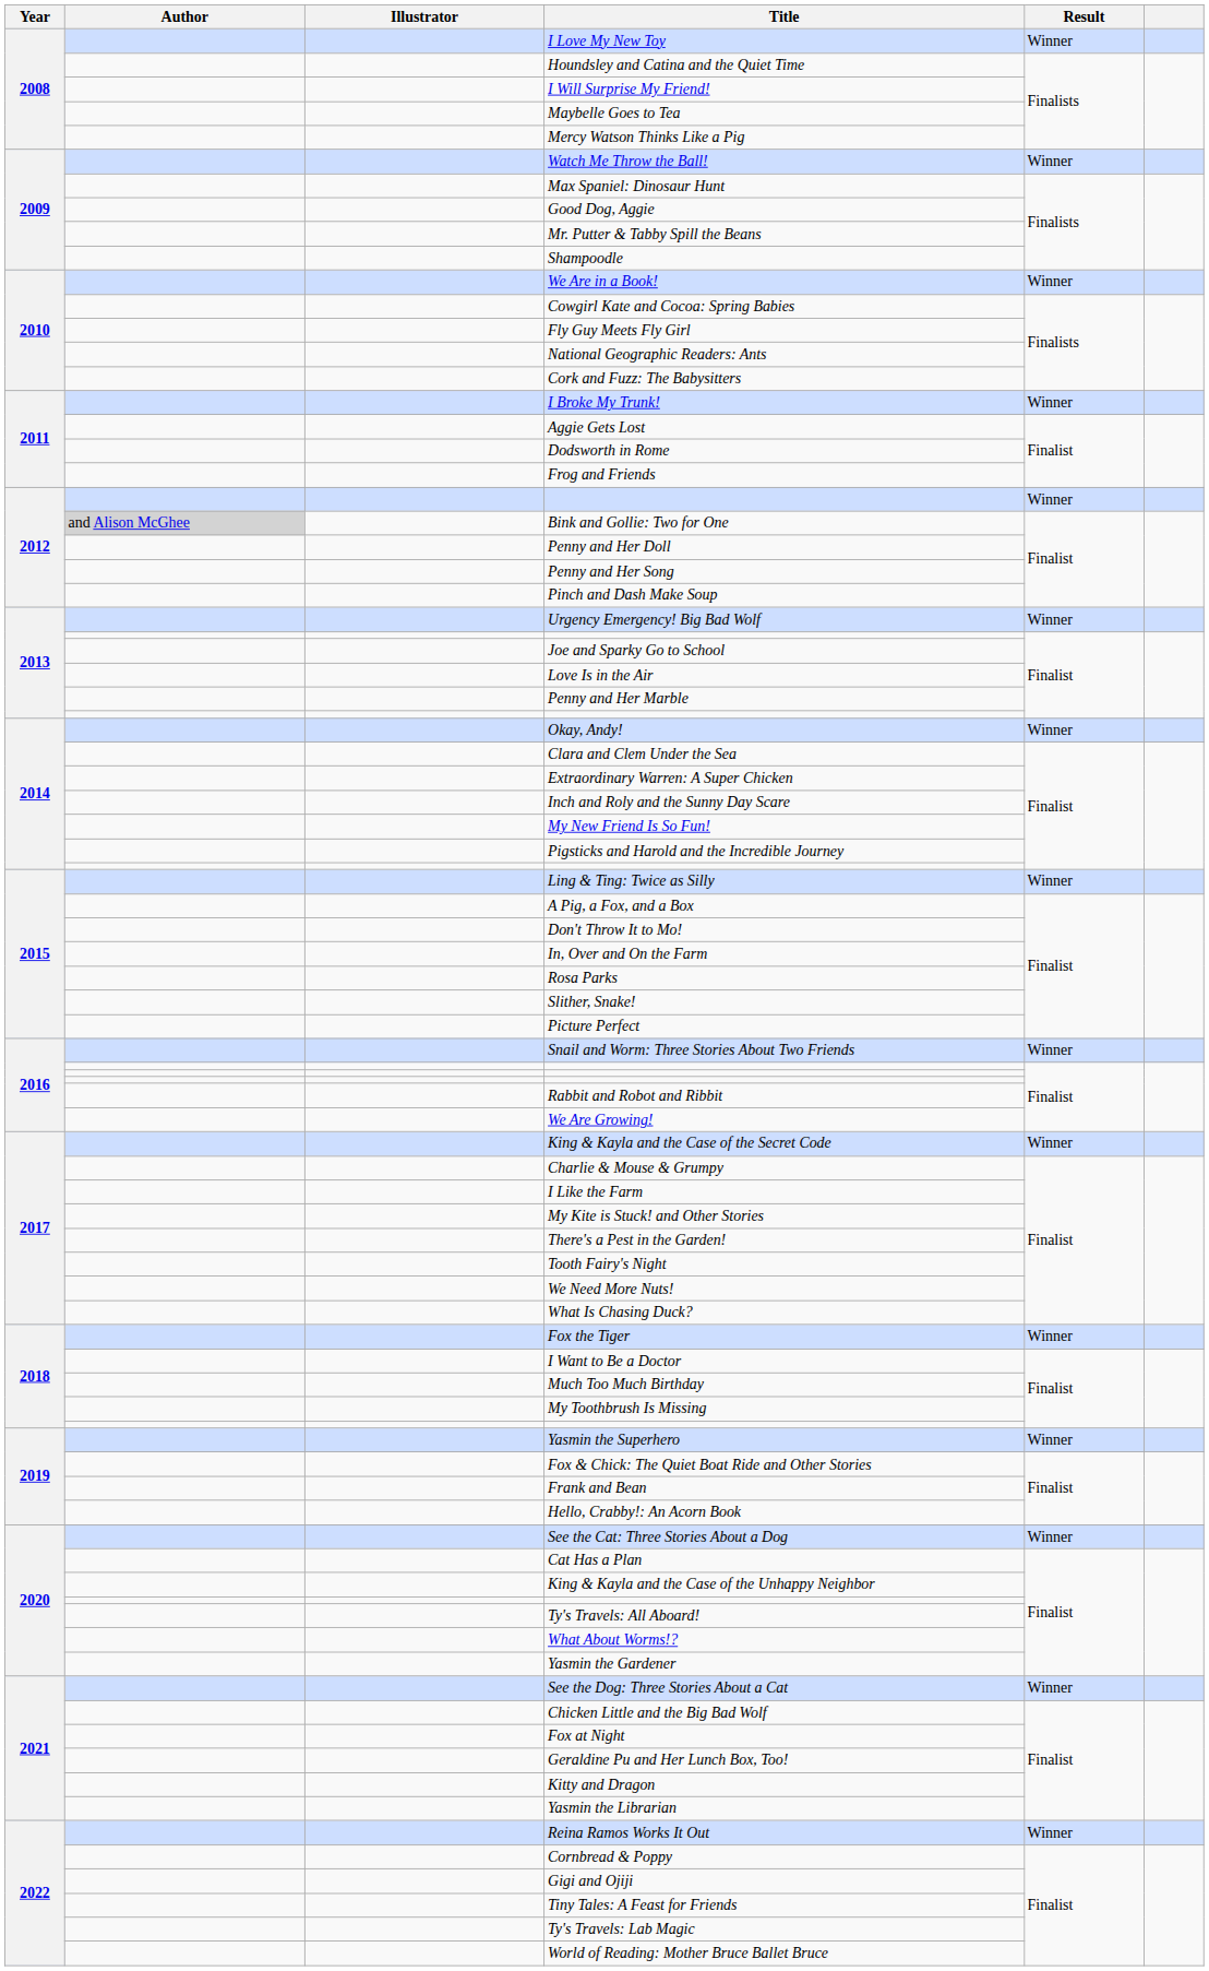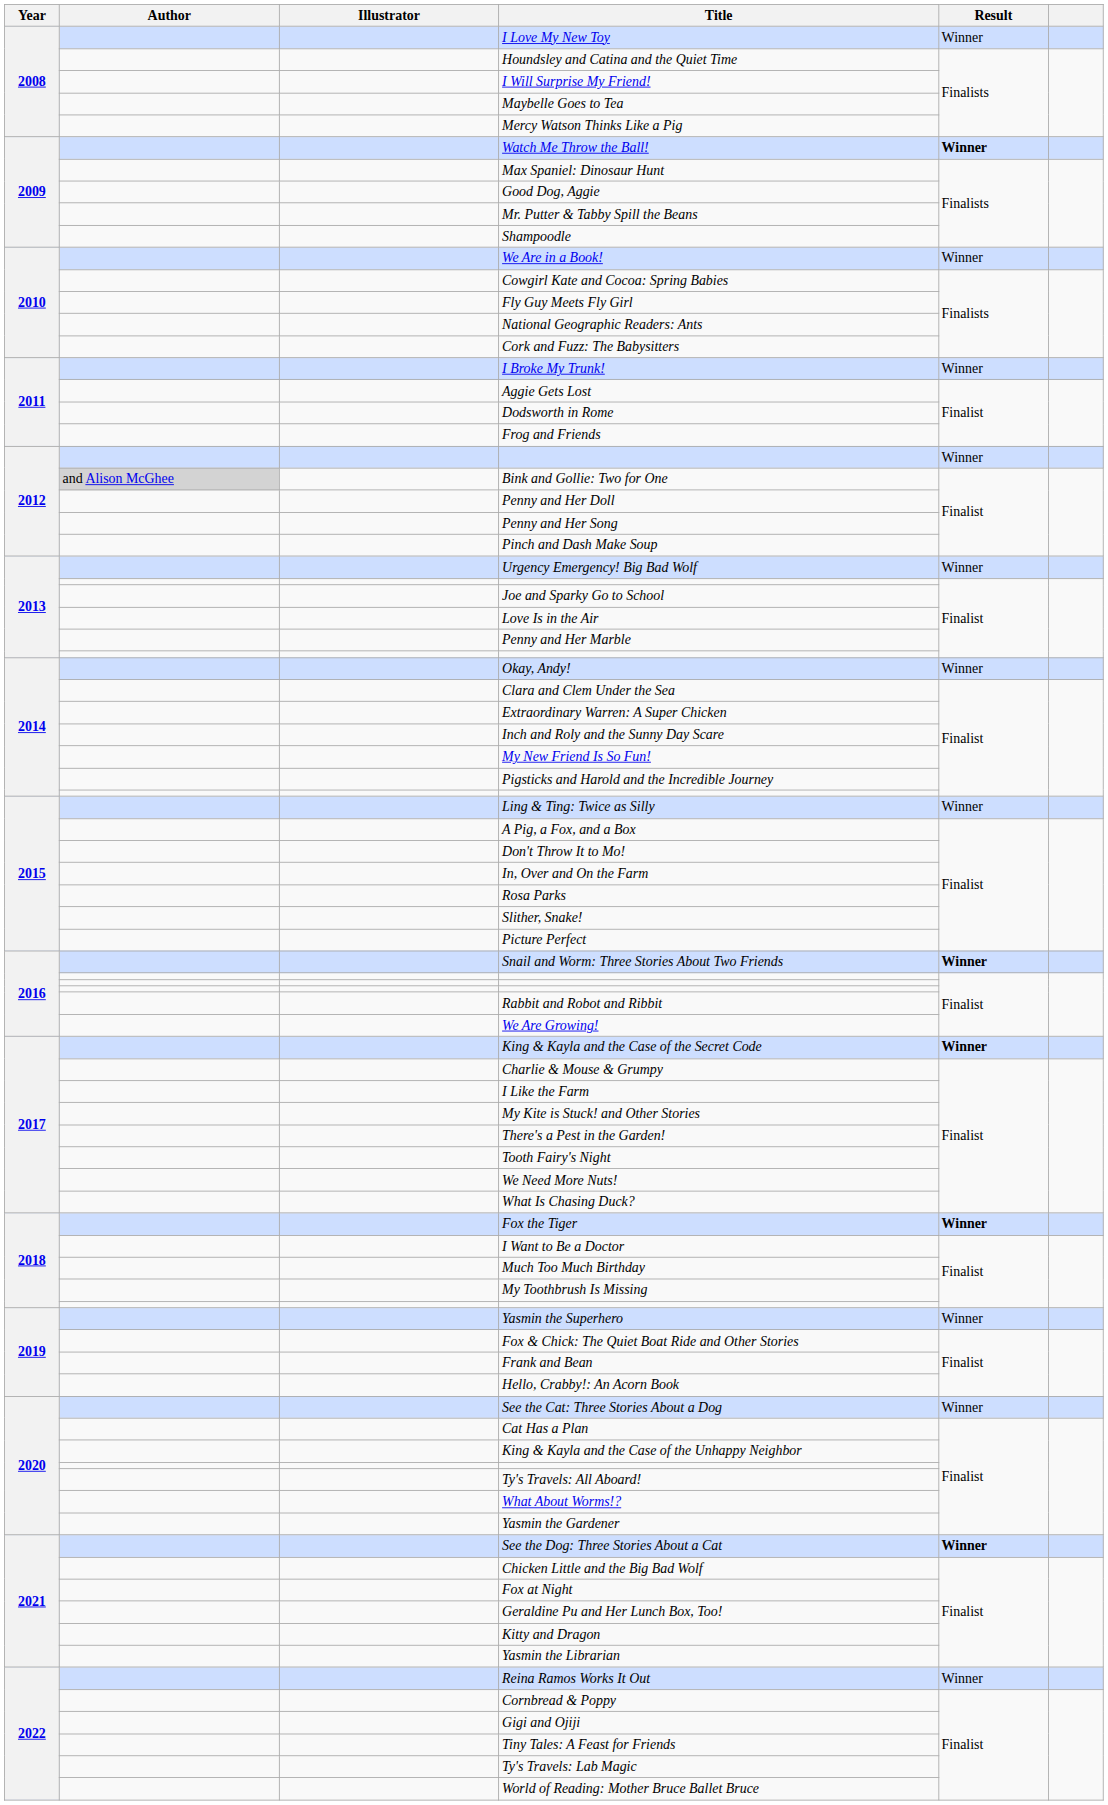 <table class="wikitable sortable mw-collapsible" width="100%">
 <tr>
 <th scope=col width="5%">Year</th>
 <th scope=col width="20%">Author</th>
 <th scope=col width="20%">Illustrator</th>
 <th scope=col width="40%">Title</th>
 <th scope=col width="10%">Result</th>
 <th scope=col width="5%" class="unsortable"></th>
 </tr>
 <tr style="background:#cddeff">
 <th scope=row rowspan="5"><a href='#'>2008</a></th>
 <td></td>
 <td></td>
 <td><em><a href='#'>I Love My New Toy</a></em></td>
 <td>Winner</td>
 <td></td>
 </tr>
 <tr>
 <td></td>
 <td></td>
 <td><em>Houndsley and Catina and the Quiet Time</em></td>
 <td rowspan="4">Finalists</td>
 <td rowspan="4"></td>
 </tr>
 <tr>
 <td></td>
 <td></td>
 <td><em><a href='#'>I Will Surprise My Friend!</a></em></td>
 </tr>
 <tr>
 <td></td>
 <td></td>
 <td><em>Maybelle Goes to Tea</em></td>
 </tr>
 <tr>
 <td></td>
 <td></td>
 <td><em>Mercy Watson Thinks Like a Pig</em></td>
 </tr>
 <tr style="background:#cddeff">
 <th scope=row rowspan="5"><a href='#'>2009</a></th>
 <td></td>
 <td></td>
 <td><em><a href='#'>Watch Me Throw the Ball!</a></em></td>
-<td>Winner</td>
+<td><strong>Winner</strong></td>
 <td></td>
 </tr>
 <tr>
 <td></td>
 <td></td>
 <td><em>Max Spaniel: Dinosaur Hunt</em></td>
 <td rowspan="4">Finalists</td>
 <td rowspan="4"></td>
 </tr>
 <tr>
 <td></td>
 <td></td>
 <td><em>Good Dog, Aggie</em></td>
 </tr>
 <tr>
 <td></td>
 <td></td>
 <td><em>Mr. Putter & Tabby Spill the Beans</em></td>
 </tr>
 <tr>
 <td></td>
 <td></td>
 <td><em>Shampoodle</em></td>
 </tr>
 <tr style="background:#cddeff">
 <th scope=row rowspan="5"><a href='#'>2010</a></th>
 <td></td>
 <td></td>
 <td><em><a href='#'>We Are in a Book!</a></em></td>
 <td>Winner</td>
 <td></td>
 </tr>
 <tr>
 <td></td>
 <td></td>
 <td><em>Cowgirl Kate and Cocoa: Spring Babies</em></td>
 <td rowspan="4">Finalists</td>
 <td rowspan="4"></td>
 </tr>
 <tr>
 <td></td>
 <td></td>
 <td><em>Fly Guy Meets Fly Girl</em></td>
 </tr>
 <tr>
 <td></td>
 <td></td>
 <td><em>National Geographic Readers: Ants</em></td>
 </tr>
 <tr>
 <td></td>
 <td></td>
 <td><em>Cork and Fuzz: The Babysitters</em></td>
 </tr>
 <tr style="background:#cddeff">
 <th scope=row rowspan="4"><a href='#'>2011</a></th>
 <td></td>
 <td></td>
 <td><em><a href='#'>I Broke My Trunk!</a></em></td>
 <td>Winner</td>
 <td></td>
 </tr>
 <tr>
 <td></td>
 <td></td>
 <td><em>Aggie Gets Lost</em></td>
 <td rowspan="3">Finalist</td>
 <td rowspan="3"></td>
 </tr>
 <tr>
 <td></td>
 <td></td>
 <td><em>Dodsworth in Rome</em></td>
 </tr>
 <tr>
 <td></td>
 <td></td>
 <td><em>Frog and Friends</em></td>
 </tr>
 <tr style="background:#cddeff">
 <th scope=row rowspan="5"><a href='#'>2012</a></th>
 <td></td>
 <td></td>
 <td><em></em></td>
 <td>Winner</td>
 <td></td>
 </tr>
 <tr>
 <td style="background: lightgrey;"> and <a href='#'>Alison McGhee</a></td>
 <td></td>
 <td><em>Bink and Gollie: Two for One</em></td>
 <td rowspan="4">Finalist</td>
 <td rowspan="4"></td>
 </tr>
 <tr>
 <td></td>
 <td></td>
 <td><em>Penny and Her Doll</em></td>
 </tr>
 <tr>
 <td></td>
 <td></td>
 <td><em>Penny and Her Song</em></td>
 </tr>
 <tr>
 <td></td>
 <td></td>
 <td><em>Pinch and Dash Make Soup</em></td>
 </tr>
 <tr style="background:#cddeff">
 <th scope=row rowspan="6"><a href='#'>2013</a></th>
 <td></td>
 <td></td>
 <td><em>Urgency Emergency! Big Bad Wolf</em></td>
 <td>Winner</td>
 <td></td>
 </tr>
 <tr>
 <td></td>
 <td></td>
 <td></td>
 <td rowspan="5">Finalist</td>
 <td rowspan="5"></td>
 </tr>
 <tr>
 <td></td>
 <td></td>
 <td><em>Joe and Sparky Go to School</em></td>
 </tr>
 <tr>
 <td></td>
 <td></td>
 <td><em>Love Is in the Air</em></td>
 </tr>
 <tr>
 <td></td>
 <td></td>
 <td><em>Penny and Her Marble</em></td>
 </tr>
 <tr>
 <td></td>
 <td></td>
 <td></td>
 </tr>
 <tr style="background:#cddeff">
 <th scope=row rowspan="7"><a href='#'>2014</a></th>
 <td></td>
 <td></td>
 <td><em>Okay, Andy!</em></td>
 <td>Winner</td>
 <td></td>
 </tr>
 <tr>
 <td></td>
 <td></td>
 <td><em>Clara and Clem Under the Sea</em></td>
 <td rowspan="6">Finalist</td>
 <td rowspan="6"></td>
 </tr>
 <tr>
 <td></td>
 <td></td>
 <td><em>Extraordinary Warren: A Super Chicken</em></td>
 </tr>
 <tr>
 <td></td>
 <td></td>
 <td><em>Inch and Roly and the Sunny Day Scare</em></td>
 </tr>
 <tr>
 <td></td>
 <td></td>
 <td><em><a href='#'>My New Friend Is So Fun!</a></em></td>
 </tr>
 <tr>
 <td></td>
 <td></td>
 <td><em>Pigsticks and Harold and the Incredible Journey</em></td>
 </tr>
 <tr>
 <td></td>
 <td></td>
 <td></td>
 </tr>
 <tr style="background:#cddeff">
 <th scope=row rowspan="7"><a href='#'>2015</a></th>
 <td></td>
 <td></td>
 <td><em>Ling & Ting: Twice as Silly</em></td>
 <td>Winner</td>
 <td></td>
 </tr>
 <tr>
 <td></td>
 <td></td>
 <td><em>A Pig, a Fox, and a Box</em></td>
 <td rowspan="6">Finalist</td>
 <td rowspan="6"></td>
 </tr>
 <tr>
 <td></td>
 <td></td>
 <td><em>Don't Throw It to Mo!</em></td>
 </tr>
 <tr>
 <td></td>
 <td></td>
 <td><em>In, Over and On the Farm</em></td>
 </tr>
 <tr>
 <td></td>
 <td></td>
 <td><em>Rosa Parks</em></td>
 </tr>
 <tr>
 <td></td>
 <td></td>
 <td><em>Slither, Snake!</em></td>
 </tr>
 <tr>
 <td></td>
 <td></td>
 <td><em>Picture Perfect</em></td>
 </tr>
 <tr style="background:#cddeff">
 <th scope=row rowspan="6"><a href='#'>2016</a></th>
 <td></td>
 <td></td>
 <td><em>Snail and Worm: Three Stories About Two Friends</em></td>
-<td>Winner</td>
+<td><strong>Winner</strong></td>
 <td></td>
 </tr>
 <tr>
 <td></td>
 <td></td>
 <td><em></em></td>
 <td rowspan="5">Finalist</td>
 <td rowspan="5"></td>
 </tr>
 <tr>
 <td></td>
 <td></td>
 <td><em></em></td>
 </tr>
 <tr>
 <td></td>
 <td></td>
 <td><em></em></td>
 </tr>
 <tr>
 <td></td>
 <td></td>
 <td><em>Rabbit and Robot and Ribbit</em></td>
 </tr>
 <tr>
 <td></td>
 <td></td>
 <td><em><a href='#'>We Are Growing!</a></em></td>
 </tr>
 <tr style="background:#cddeff">
 <th scope=row rowspan="8"><a href='#'>2017</a></th>
 <td></td>
 <td></td>
 <td><em>King & Kayla and the Case of the Secret Code</em></td>
-<td>Winner</td>
+<td><strong>Winner</strong></td>
 <td></td>
 </tr>
 <tr>
 <td></td>
 <td></td>
 <td><em>Charlie & Mouse & Grumpy</em></td>
 <td rowspan="7">Finalist</td>
 <td rowspan="7"></td>
 </tr>
 <tr>
 <td></td>
 <td></td>
 <td><em>I Like the Farm</em></td>
 </tr>
 <tr>
 <td></td>
 <td></td>
 <td><em>My Kite is Stuck! and Other Stories</em></td>
 </tr>
 <tr>
 <td></td>
 <td></td>
 <td><em>There's a Pest in the Garden!</em></td>
 </tr>
 <tr>
 <td></td>
 <td></td>
 <td><em>Tooth Fairy's Night</em></td>
 </tr>
 <tr>
 <td></td>
 <td></td>
 <td><em>We Need More Nuts!</em></td>
 </tr>
 <tr>
 <td></td>
 <td></td>
 <td><em>What Is Chasing Duck?</em></td>
 </tr>
 <tr style="background:#cddeff">
 <th scope=row rowspan="5"><a href='#'>2018</a></th>
 <td></td>
 <td></td>
 <td><em>Fox the Tiger</em></td>
-<td>Winner</td>
+<td><strong>Winner</strong></td>
 <td></td>
 </tr>
 <tr>
 <td></td>
 <td></td>
 <td><em>I Want to Be a Doctor</em></td>
 <td rowspan="4">Finalist</td>
 <td rowspan="4"></td>
 </tr>
 <tr>
 <td></td>
 <td></td>
 <td><em>Much Too Much Birthday</em></td>
 </tr>
 <tr>
 <td></td>
 <td></td>
 <td><em>My Toothbrush Is Missing</em></td>
 </tr>
 <tr>
 <td></td>
 <td></td>
 <td></td>
 </tr>
 <tr style="background:#cddeff">
 <th scope=row rowspan="4"><a href='#'>2019</a></th>
 <td></td>
 <td></td>
 <td><em>Yasmin the Superhero</em></td>
 <td>Winner</td>
 <td></td>
 </tr>
 <tr>
 <td></td>
 <td></td>
 <td><em>Fox & Chick: The Quiet Boat Ride and Other Stories</em></td>
 <td rowspan="3">Finalist</td>
 <td rowspan="3"></td>
 </tr>
 <tr>
 <td></td>
 <td></td>
 <td><em>Frank and Bean</em></td>
 </tr>
 <tr>
 <td></td>
 <td></td>
 <td><em>Hello, Crabby!: An Acorn Book</em></td>
 </tr>
 <tr style="background:#cddeff">
 <th scope=row rowspan="7"><a href='#'>2020</a></th>
 <td></td>
 <td></td>
 <td><em>See the Cat: Three Stories About a Dog</em></td>
 <td>Winner</td>
 <td></td>
 </tr>
 <tr>
 <td></td>
 <td></td>
 <td><em>Cat Has a Plan</em></td>
 <td rowspan="6">Finalist</td>
 <td rowspan="6"></td>
 </tr>
 <tr>
 <td></td>
 <td></td>
 <td><em>King & Kayla and the Case of the Unhappy Neighbor</em></td>
 </tr>
 <tr>
 <td></td>
 <td></td>
 <td></td>
 </tr>
 <tr>
 <td></td>
 <td></td>
 <td><em>Ty's Travels: All Aboard!</em></td>
 </tr>
 <tr>
 <td></td>
 <td></td>
 <td><em><a href='#'>What About Worms!?</a></em></td>
 </tr>
 <tr>
 <td></td>
 <td></td>
 <td><em>Yasmin the Gardener</em></td>
 </tr>
 <tr style="background:#cddeff">
 <th scope=row rowspan="6"><a href='#'>2021</a></th>
 <td></td>
 <td></td>
 <td><em>See the Dog: Three Stories About a Cat</em></td>
-<td>Winner</td>
+<td><strong>Winner</strong></td>
 <td></td>
 </tr>
 <tr>
 <td></td>
 <td></td>
 <td><em>Chicken Little and the Big Bad Wolf</em></td>
 <td rowspan="5">Finalist</td>
 <td rowspan="5"></td>
 </tr>
 <tr>
 <td></td>
 <td></td>
 <td><em>Fox at Night</em></td>
 </tr>
 <tr>
 <td></td>
 <td></td>
 <td><em>Geraldine Pu and Her Lunch Box, Too!</em></td>
 </tr>
 <tr>
 <td></td>
 <td></td>
 <td><em>Kitty and Dragon</em></td>
 </tr>
 <tr>
 <td></td>
 <td></td>
 <td><em>Yasmin the Librarian</em></td>
 </tr>
 <tr style="background:#cddeff">
 <th rowspan="6"><a href='#'>2022</a></th>
 <td></td>
 <td></td>
 <td><em>Reina Ramos Works It Out</em></td>
 <td>Winner</td>
 <td></td>
 </tr>
 <tr>
 <td></td>
 <td></td>
 <td><em>Cornbread & Poppy</em></td>
 <td rowspan="5">Finalist</td>
 <td rowspan="5"></td>
 </tr>
 <tr>
 <td></td>
 <td></td>
 <td><em>Gigi and Ojiji</em></td>
 </tr>
 <tr>
 <td></td>
 <td></td>
 <td><em>Tiny Tales: A Feast for Friends</em></td>
 </tr>
 <tr>
 <td></td>
 <td></td>
 <td><em>Ty's Travels: Lab Magic</em></td>
 </tr>
 <tr>
 <td></td>
 <td></td>
 <td><em>World of Reading: Mother Bruce Ballet Bruce</em></td>
 </tr>
 </table>
